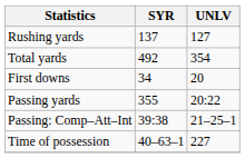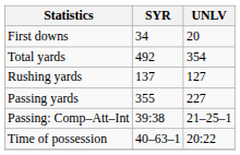 <table class="wikitable" style="float: left;">
 <tr>
 <th>Statistics</th>
 <th>SYR</th>
 <th>UNLV</th>
 </tr>
 <tr>
-<td>Rushing yards</td>
-<td>137</td>
-<td>127</td>
+<td>First downs</td>
+<td>34</td>
+<td>20</td>
 </tr>
 <tr>
 <td>Total yards</td>
 <td>492</td>
 <td>354</td>
 </tr>
 <tr>
-<td>First downs</td>
-<td>34</td>
-<td>20</td>
+<td>Rushing yards</td>
+<td>137</td>
+<td>127</td>
 </tr>
 <tr>
 <td>Passing yards</td>
 <td>355</td>
-<td>20:22</td>
+<td>227</td>
 </tr>
 <tr>
 <td>Passing: Comp–Att–Int</td>
 <td>39:38</td>
 <td>21–25–1</td>
 </tr>
 <tr>
 <td>Time of possession</td>
 <td>40–63–1</td>
-<td>227</td>
+<td>20:22</td>
 </tr>
 <tr>
 </tr>
 </table>
